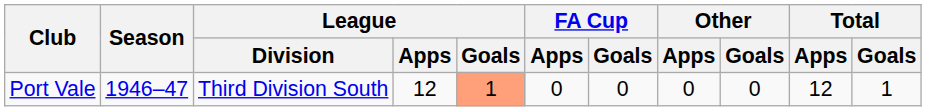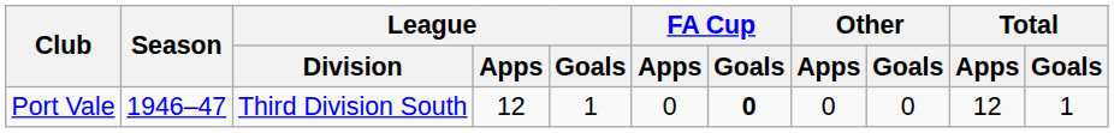 <table class="wikitable" style="text-align:center">
 <tr>
 <th rowspan="2">Club</th>
 <th rowspan="2">Season</th>
 <th colspan="3">League</th>
 <th colspan="2"><a href='#'>FA Cup</a></th>
 <th colspan="2">Other</th>
 <th colspan="2">Total</th>
 </tr>
 <tr>
 <th>Division</th>
 <th>Apps</th>
 <th>Goals</th>
 <th>Apps</th>
 <th>Goals</th>
 <th>Apps</th>
 <th>Goals</th>
 <th>Apps</th>
 <th>Goals</th>
 </tr>
 <tr>
 <td><a href='#'>Port Vale</a></td>
 <td><a href='#'>1946–47</a></td>
 <td><a href='#'>Third Division South</a></td>
 <td>12</td>
-<td style="background: lightsalmon;">1</td>
+<td>1</td>
 <td>0</td>
-<td>0</td>
+<td><strong>0</strong></td>
 <td>0</td>
 <td>0</td>
 <td>12</td>
 <td>1</td>
 </tr>
 </table>
